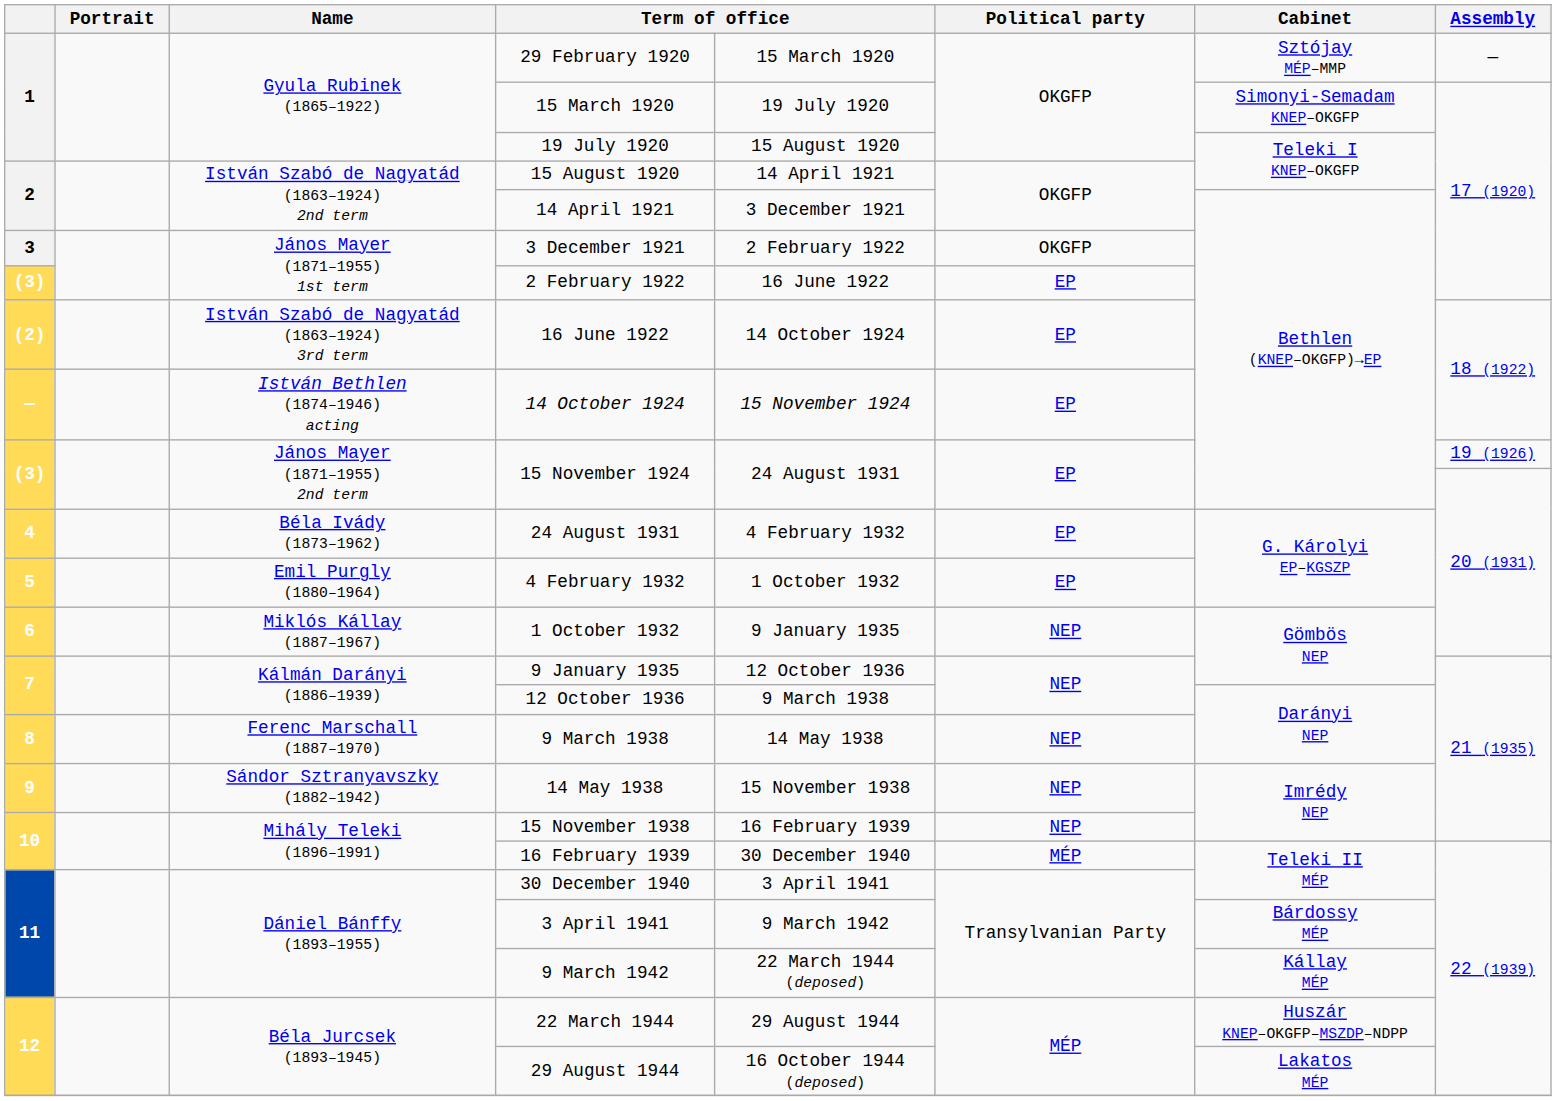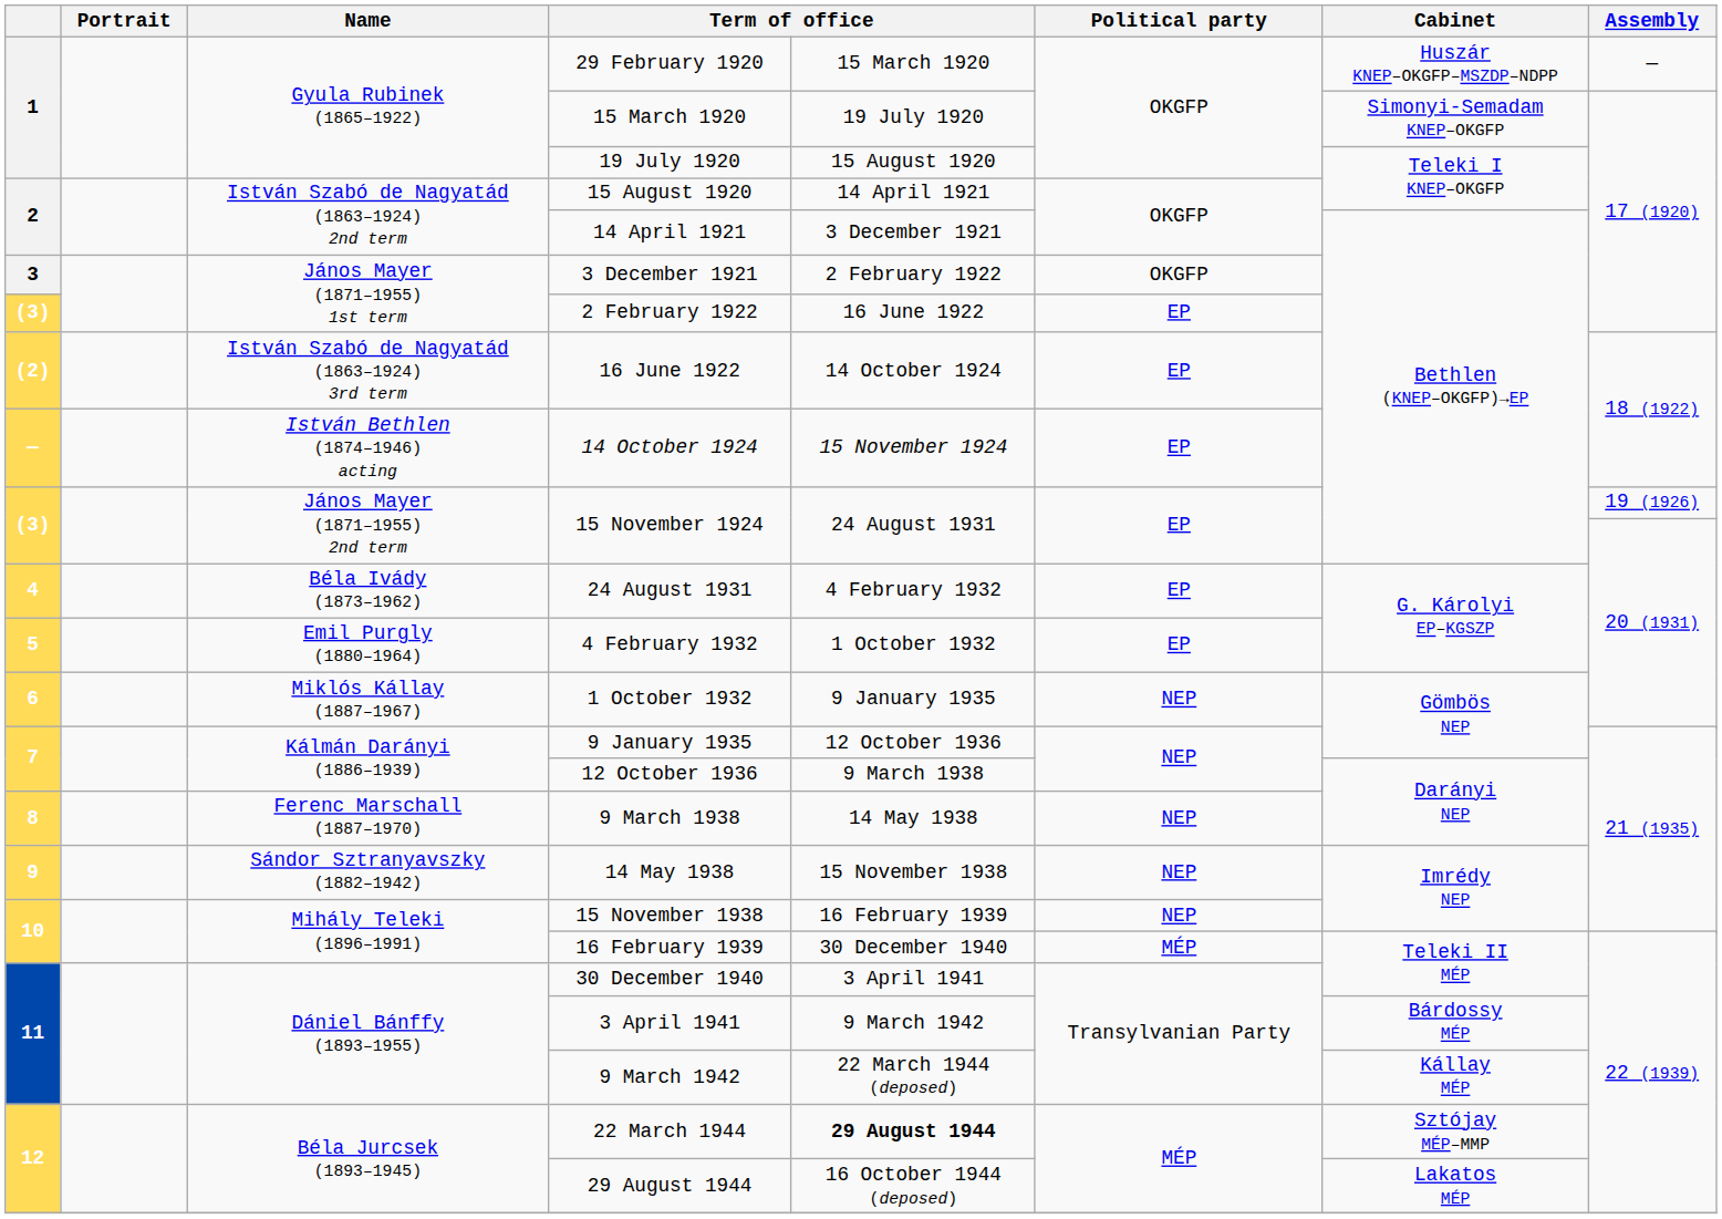 <table class="wikitable" style="width:90%; text-align:center;">
 <tr>
 <th></th>
 <th>Portrait</th>
 <th>Name<br></th>
 <th colspan=2>Term of office</th>
 <th>Political party</th>
 <th>Cabinet</th>
 <th><a href='#'>Assembly</a><br></th>
 </tr>
 <tr>
 <th rowspan="3" style="background:">1</th>
 <td rowspan="3"></td>
 <td rowspan="3"><a href='#'>Gyula Rubinek</a><br><small>(1865–1922)</small></td>
 <td>29 February 1920</td>
 <td>15 March 1920</td>
 <td rowspan="3">OKGFP</td>
-<td><a href='#'>Sztójay</a><br><small><a href='#'>MÉP</a>–MMP</small></td>
+<td><a href='#'>Huszár</a><br><small><a href='#'>KNEP</a>–OKGFP–<a href='#'>MSZDP</a>–NDPP</small></td>
 <td>—</td>
 </tr>
 <tr>
 <td>15 March 1920</td>
 <td>19 July 1920</td>
 <td><a href='#'>Simonyi-Semadam</a><br><small><a href='#'>KNEP</a>–OKGFP</small></td>
 <td rowspan="6"><a href='#'>17 <small>(1920)</small></a></td>
 </tr>
 <tr>
 <td>19 July 1920</td>
 <td>15 August 1920</td>
 <td rowspan="2"><a href='#'>Teleki I</a><br><small><a href='#'>KNEP</a>–OKGFP</small></td>
 </tr>
 <tr>
 <th rowspan="2" style="background:">2</th>
 <td rowspan="2"></td>
 <td rowspan="2"><a href='#'>István Szabó de Nagyatád</a><br><small>(1863–1924)<br><em>2nd term</em></small></td>
 <td>15 August 1920</td>
 <td>14 April 1921</td>
 <td rowspan="2">OKGFP</td>
 </tr>
 <tr>
 <td>14 April 1921</td>
 <td>3 December 1921</td>
 <td rowspan="8"><a href='#'>Bethlen</a><br><small>(<a href='#'>KNEP</a>–OKGFP)→<a href='#'>EP</a></small></td>
 </tr>
 <tr>
 <th style="background:">3</th>
 <td rowspan="2"></td>
 <td rowspan="2"><a href='#'>János Mayer</a><br><small>(1871–1955)<br><em>1st term</em></small></td>
 <td>3 December 1921</td>
 <td>2 February 1922</td>
 <td>OKGFP</td>
 </tr>
 <tr>
 <th style="background-color:#FFDB58; color:white">(3)</th>
 <td>2 February 1922</td>
 <td>16 June 1922</td>
 <td><a href='#'>EP</a></td>
 </tr>
 <tr>
 <th style="background-color:#FFDB58; color:white">(2)</th>
 <td></td>
 <td><a href='#'>István Szabó de Nagyatád</a><br><small>(1863–1924)<br><em>3rd term</em></small></td>
 <td>16 June 1922</td>
 <td>14 October 1924</td>
 <td><a href='#'>EP</a></td>
 <td rowspan="3"><a href='#'>18 <small>(1922)</small></a></td>
 </tr>
 <tr>
 <th style="background-color:#FFDB58; color:white">—</th>
 <td></td>
 <td><em><a href='#'>István Bethlen</a></em><br><small>(1874–1946)<br><em>acting</em></small></td>
 <td><em>14 October 1924</em></td>
 <td><em>15 November 1924</em></td>
 <td><a href='#'>EP</a></td>
 </tr>
 <tr>
 <th rowspan="3" style="background-color:#FFDB58; color:white">(3)</th>
 <td rowspan="3"></td>
 <td rowspan="3"><a href='#'>János Mayer</a><br><small>(1871–1955)<br><em>2nd term</em></small></td>
 <td rowspan="3">15 November 1924</td>
 <td rowspan="3">24 August 1931</td>
 <td rowspan="3"><a href='#'>EP</a></td>
 </tr>
 <tr>
 <td><a href='#'>19 <small>(1926)</small></a></td>
 </tr>
 <tr>
 <td rowspan="5"><a href='#'>20 <small>(1931)</small></a></td>
 </tr>
 <tr>
 <th style="background-color:#FFDB58; color:white">4</th>
 <td></td>
 <td><a href='#'>Béla Ivády</a><br><small>(1873–1962)</small></td>
 <td>24 August 1931</td>
 <td>4 February 1932</td>
 <td><a href='#'>EP</a></td>
 <td rowspan="2"><a href='#'>G. Károlyi</a><br><small><a href='#'>EP</a>–<a href='#'>KGSZP</a></small></td>
 </tr>
 <tr>
 <th style="background-color:#FFDB58; color:white">5</th>
 <td></td>
 <td><a href='#'>Emil Purgly</a><br><small>(1880–1964)</small></td>
 <td>4 February 1932</td>
 <td>1 October 1932</td>
 <td><a href='#'>EP</a></td>
 </tr>
 <tr>
 <th style="background-color:#FFDB58; color:white">6</th>
 <td></td>
 <td><a href='#'>Miklós Kállay</a><br><small>(1887–1967)</small></td>
 <td>1 October 1932</td>
 <td>9 January 1935</td>
 <td><a href='#'>NEP</a></td>
 <td rowspan="3"><a href='#'>Gömbös</a><br><small><a href='#'>NEP</a></small></td>
 </tr>
 <tr>
 <th rowspan="3" style="background-color:#FFDB58; color:white">7</th>
 <td rowspan="3"></td>
 <td rowspan="3"><a href='#'>Kálmán Darányi</a><br><small>(1886–1939)</small></td>
 <td rowspan="2">9 January 1935</td>
 <td rowspan="2">12 October 1936</td>
 <td rowspan="3"><a href='#'>NEP</a></td>
 </tr>
 <tr>
 <td rowspan="6"><a href='#'>21 <small>(1935)</small></a></td>
 </tr>
 <tr>
 <td>12 October 1936</td>
 <td>9 March 1938</td>
 <td rowspan="2"><a href='#'>Darányi</a><br><small><a href='#'>NEP</a></small></td>
 </tr>
 <tr>
 <th style="background-color:#FFDB58; color:white">8</th>
 <td></td>
 <td><a href='#'>Ferenc Marschall</a><br><small>(1887–1970)</small></td>
 <td>9 March 1938</td>
 <td>14 May 1938</td>
 <td><a href='#'>NEP</a></td>
 </tr>
 <tr>
 <th style="background-color:#FFDB58; color:white">9</th>
 <td></td>
 <td><a href='#'>Sándor Sztranyavszky</a><br><small>(1882–1942)</small></td>
 <td>14 May 1938</td>
 <td>15 November 1938</td>
 <td><a href='#'>NEP</a></td>
 <td rowspan="2"><a href='#'>Imrédy</a><br><small><a href='#'>NEP</a></small></td>
 </tr>
 <tr>
 <th rowspan="3" style="background-color:#FFDB58; color:white">10</th>
 <td rowspan="3"></td>
 <td rowspan="3"><a href='#'>Mihály Teleki</a><br><small>(1896–1991)</small></td>
 <td>15 November 1938</td>
 <td>16 February 1939</td>
 <td><a href='#'>NEP</a></td>
 </tr>
 <tr>
 <td rowspan="2">16 February 1939</td>
 <td rowspan="2">30 December 1940</td>
 <td rowspan="2"><a href='#'>MÉP</a></td>
 <td rowspan="3"><a href='#'>Teleki II</a><br><small><a href='#'>MÉP</a></small></td>
 </tr>
 <tr>
 <td rowspan="6"><a href='#'>22 <small>(1939)</small></a></td>
 </tr>
 <tr>
 <th rowspan="3" style="background-color:#0047AB; color:white">11</th>
 <td rowspan="3"></td>
 <td rowspan="3"><a href='#'>Dániel Bánffy</a><br><small>(1893–1955)</small></td>
 <td>30 December 1940</td>
 <td>3 April 1941</td>
 <td rowspan="3">Transylvanian Party</td>
 </tr>
 <tr>
 <td>3 April 1941</td>
 <td>9 March 1942</td>
 <td><a href='#'>Bárdossy</a><br><small><a href='#'>MÉP</a></small></td>
 </tr>
 <tr>
 <td>9 March 1942</td>
 <td>22 March 1944<br><small>(<em>deposed</em>)</small></td>
 <td><a href='#'>Kállay</a><br><small><a href='#'>MÉP</a></small></td>
 </tr>
 <tr>
 <th rowspan="2" style="background-color:#FFDB58; color:white">12</th>
 <td rowspan="2"></td>
 <td rowspan="2"><a href='#'>Béla Jurcsek</a><br><small>(1893–1945)</small></td>
 <td>22 March 1944</td>
-<td>29 August 1944</td>
+<td><strong>29 August 1944</strong></td>
 <td rowspan="2"><a href='#'>MÉP</a></td>
-<td><a href='#'>Huszár</a><br><small><a href='#'>KNEP</a>–OKGFP–<a href='#'>MSZDP</a>–NDPP</small></td>
+<td><a href='#'>Sztójay</a><br><small><a href='#'>MÉP</a>–MMP</small></td>
 </tr>
 <tr>
 <td>29 August 1944</td>
 <td>16 October 1944<br><small>(<em>deposed</em>)</small></td>
 <td><a href='#'>Lakatos</a><br><small><a href='#'>MÉP</a></small></td>
 </tr>
 <tr>
 </tr>
 </table>
